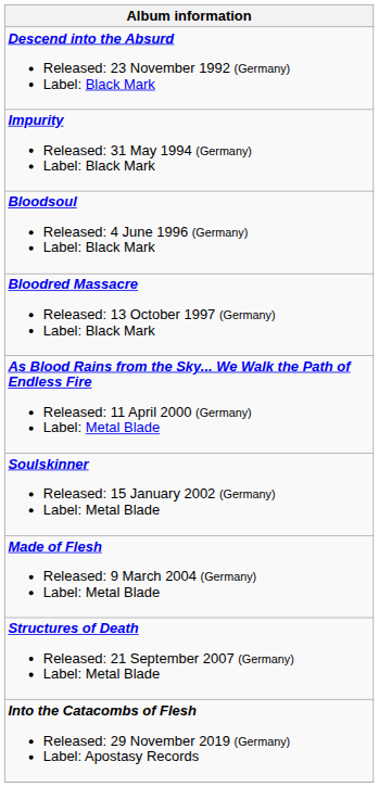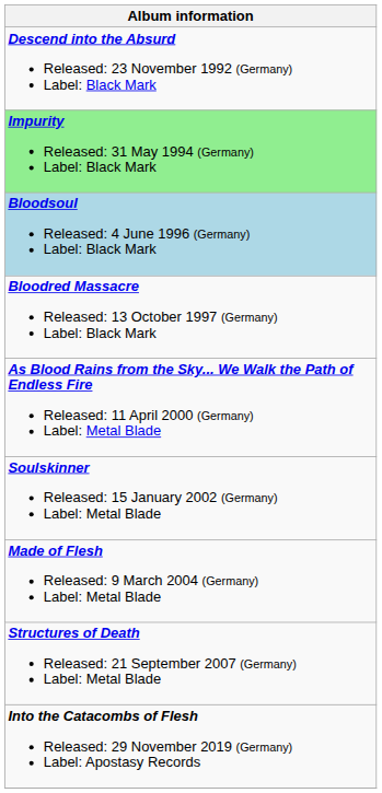 <table class="wikitable" width="420">
 <tr>
 <th align="center">Album information</th>
 </tr>
 <tr>
 <td align="left"><strong><em><a href='#'>Descend into the Absurd</a></em></strong><br><ul><li>Released: 23 November 1992 <small>(Germany)</small></li><li>Label: <a href='#'>Black Mark</a></li></ul></td>
 </tr>
 <tr>
-<td align="left"><strong><em><a href='#'>Impurity</a></em></strong><br><ul><li>Released: 31 May 1994 <small>(Germany)</small></li><li>Label: Black Mark</li></ul></td>
+<td align="left" style="background: lightgreen;"><strong><em><a href='#'>Impurity</a></em></strong><br><ul><li>Released: 31 May 1994 <small>(Germany)</small></li><li>Label: Black Mark</li></ul></td>
 </tr>
 <tr>
-<td align="left"><strong><em><a href='#'>Bloodsoul</a></em></strong><br><ul><li>Released: 4 June 1996 <small>(Germany)</small></li><li>Label: Black Mark</li></ul></td>
+<td align="left" style="background: lightblue;"><strong><em><a href='#'>Bloodsoul</a></em></strong><br><ul><li>Released: 4 June 1996 <small>(Germany)</small></li><li>Label: Black Mark</li></ul></td>
 </tr>
 <tr>
 <td align="left"><strong><em><a href='#'>Bloodred Massacre</a></em></strong><br><ul><li>Released: 13 October 1997 <small>(Germany)</small></li><li>Label: Black Mark</li></ul></td>
 </tr>
 <tr>
 <td align="left"><strong><em><a href='#'>As Blood Rains from the Sky... We Walk the Path of Endless Fire</a></em></strong><br><ul><li>Released: 11 April 2000 <small>(Germany)</small></li><li>Label: <a href='#'>Metal Blade</a></li></ul></td>
 </tr>
 <tr>
 <td align="left"><strong><em><a href='#'>Soulskinner</a></em></strong><br><ul><li>Released: 15 January 2002 <small>(Germany)</small></li><li>Label: Metal Blade</li></ul></td>
 </tr>
 <tr>
 <td align="left"><strong><em><a href='#'>Made of Flesh</a></em></strong><br><ul><li>Released: 9 March 2004 <small>(Germany)</small></li><li>Label: Metal Blade</li></ul></td>
 </tr>
 <tr>
 <td align="left"><strong><em><a href='#'>Structures of Death</a></em></strong><br><ul><li>Released: 21 September 2007 <small>(Germany)</small></li><li>Label: Metal Blade</li></ul></td>
 </tr>
 <tr>
 <td align="left"><strong><em>Into the Catacombs of Flesh</em></strong><br><ul><li>Released: 29 November 2019 <small>(Germany)</small></li><li>Label: Apostasy Records</li></ul></td>
 </tr>
 <tr>
 </tr>
 </table>
